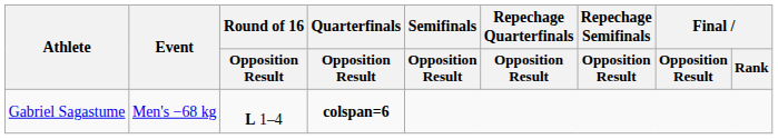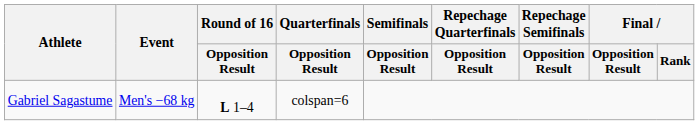 <table class=wikitable style=font-size:90%;text-align:center>
 <tr>
 <th rowspan=2>Athlete</th>
 <th rowspan=2>Event</th>
 <th>Round of 16</th>
 <th>Quarterfinals</th>
 <th>Semifinals</th>
 <th>Repechage<br>Quarterfinals</th>
 <th>Repechage<br>Semifinals</th>
 <th colspan=2>Final / </th>
 </tr>
 <tr style=font-size:95%>
 <th>Opposition<br>Result</th>
 <th>Opposition<br>Result</th>
 <th>Opposition<br>Result</th>
 <th>Opposition<br>Result</th>
 <th>Opposition<br>Result</th>
 <th>Opposition<br>Result</th>
 <th>Rank</th>
 </tr>
 <tr>
 <td align=left><a href='#'>Gabriel Sagastume</a></td>
 <td align=left><a href='#'>Men's −68 kg</a></td>
 <td><br><strong>L</strong> 1–4</td>
-<td><strong>colspan=6 </strong></td>
+<td>colspan=6 </td>
 </tr>
 </table>
